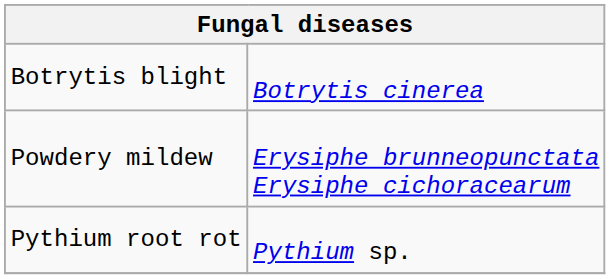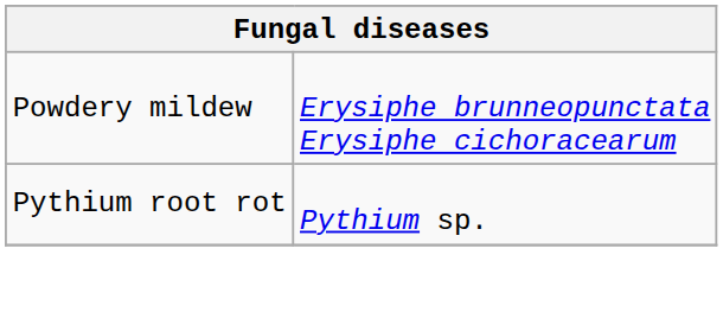 <table class="wikitable" style="clear">
 <tr>
 <th colspan=2><strong>Fungal diseases</strong><br></th>
-</tr>
-<tr>
-<td>Botrytis blight</td>
-<td><br><em><a href='#'>Botrytis cinerea</a></em></td>
 </tr>
 <tr>
 <td>Powdery mildew</td>
 <td><br><em><a href='#'>Erysiphe brunneopunctata</a></em><br> <em><a href='#'>Erysiphe cichoracearum</a></em></td>
 </tr>
 <tr>
 <td>Pythium root rot</td>
 <td><br><em><a href='#'>Pythium</a></em> sp.</td>
 </tr>
 <tr>
 </tr>
 </table>
